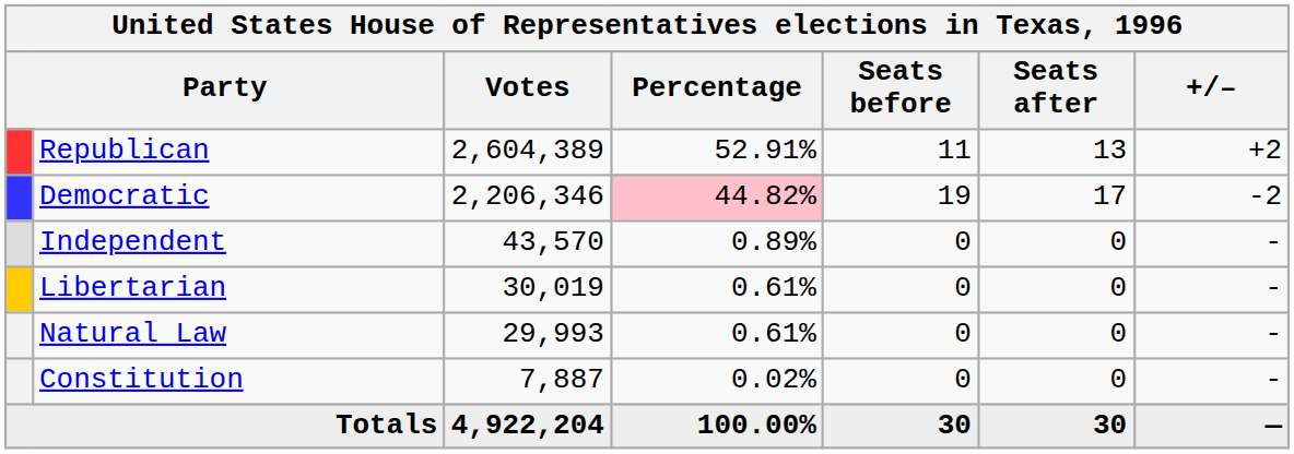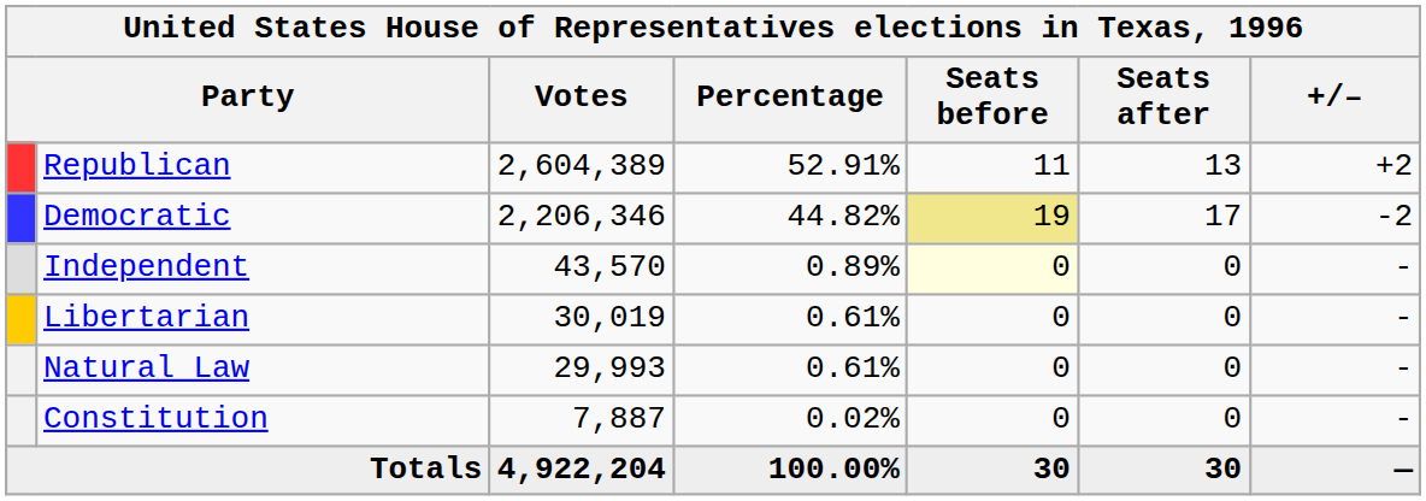 <table class="wikitable" style="font-size: 95%;">
 <tr>
 <th colspan="7">United States House of Representatives elections in Texas, 1996</th>
 </tr>
 <tr>
 <th colspan=2 style="width: 15em">Party</th>
 <th style="width: 5em">Votes</th>
 <th style="width: 7em">Percentage</th>
 <th style="width: 5em">Seats before</th>
 <th style="width: 5em">Seats after</th>
 <th style="width: 5em">+/–</th>
 </tr>
 <tr>
 <th style="background-color:#FF3333; width: 3px"></th>
 <td style="width: 130px"><a href='#'>Republican</a></td>
 <td align="right">2,604,389</td>
 <td align="right">52.91%</td>
 <td align="right">11</td>
 <td align="right">13</td>
 <td align="right">+2</td>
 </tr>
 <tr>
 <th style="background-color:#3333FF; width: 3px"></th>
 <td style="width: 130px"><a href='#'>Democratic</a></td>
 <td align="right">2,206,346</td>
-<td align="right" style="background: pink;">44.82%</td>
-<td align="right">19</td>
+<td align="right">44.82%</td>
+<td align="right" style="background: khaki;">19</td>
 <td align="right">17</td>
 <td align="right">-2</td>
 </tr>
 <tr>
 <th style="background-color:#DDDDDD; width: 3px"></th>
 <td style="width: 130px"><a href='#'>Independent</a></td>
 <td align="right">43,570</td>
 <td align="right">0.89%</td>
-<td align="right">0</td>
+<td align="right" style="background: lightyellow;">0</td>
 <td align="right">0</td>
 <td align="right">-</td>
 </tr>
 <tr>
 <th style="background-color:#FFCC00; width: 3px"></th>
 <td style="width: 130px"><a href='#'>Libertarian</a></td>
 <td align="right">30,019</td>
 <td align="right">0.61%</td>
 <td align="right">0</td>
 <td align="right">0</td>
 <td align="right">-</td>
 </tr>
 <tr>
 <th style="background-color:"></th>
 <td style="width: 130px"><a href='#'>Natural Law</a></td>
 <td align="right">29,993</td>
 <td align="right">0.61%</td>
 <td align="right">0</td>
 <td align="right">0</td>
 <td align="right">-</td>
 </tr>
 <tr>
 <th style="background-color:"></th>
 <td style="width: 130px"><a href='#'>Constitution</a></td>
 <td align="right">7,887</td>
 <td align="right">0.02%</td>
 <td align="right">0</td>
 <td align="right">0</td>
 <td align="right">-</td>
 </tr>
 <tr bgcolor="#EEEEEE">
 <td colspan="2" align="right"><strong>Totals</strong></td>
 <td align="right"><strong>4,922,204</strong></td>
 <td align="right"><strong>100.00%</strong></td>
 <td align="right"><strong>30</strong></td>
 <td align="right"><strong>30</strong></td>
 <td align="right"><strong>—</strong></td>
 </tr>
 </table>
